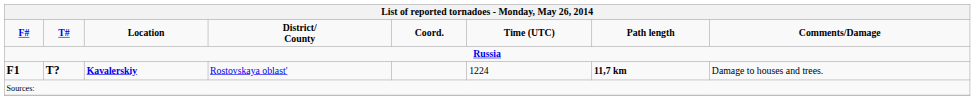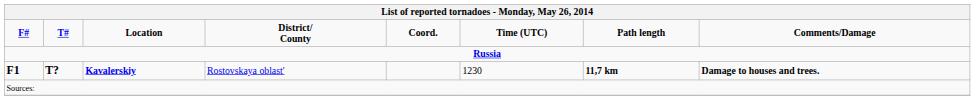 <table class="wikitable collapsible" width="100%">
 <tr>
 <th colspan="8">List of reported tornadoes - Monday, May 26, 2014</th>
 </tr>
 <tr>
 <td style="text-align: center;"><strong><a href='#'>F#</a></strong></td>
 <td style="text-align: center;"><strong><a href='#'>T#</a></strong></td>
 <td style="text-align: center;"><strong>Location</strong></td>
 <td style="text-align: center;"><strong>District/<br>County</strong></td>
 <td style="text-align: center;"><strong>Coord.</strong></td>
 <td style="text-align: center;"><strong>Time (UTC)</strong></td>
 <td style="text-align: center;"><strong>Path length</strong></td>
 <td style="text-align: center;"><strong>Comments/Damage</strong></td>
 </tr>
 <tr>
 <td colspan="8" align=center><strong><a href='#'>Russia</a></strong></td>
 </tr>
 <tr>
 <td><big><strong>F1</strong></big></td>
 <td><big><strong>T?</strong></big></td>
 <td><strong><a href='#'>Kavalerskiy</a></strong></td>
 <td><a href='#'>Rostovskaya oblast'</a></td>
 <td></td>
-<td>1224</td>
+<td>1230</td>
 <td><strong>11,7 km</strong></td>
-<td>Damage to houses and trees.</td>
+<td><strong>Damage to houses and trees.</strong></td>
 </tr>
 <tr>
 <td colspan="8"><small>Sources:</small></td>
 </tr>
 <tr>
 </tr>
 </table>
